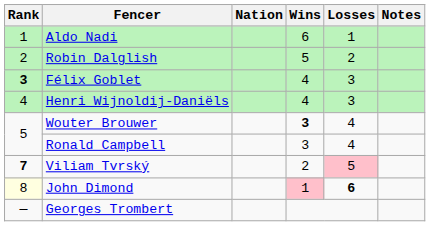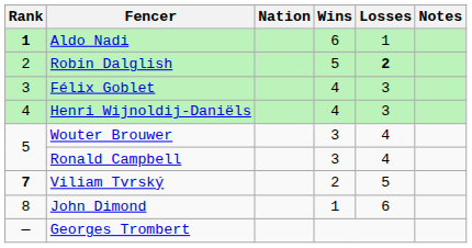 <table class="wikitable sortable" style="text-align:center">
 <tr>
 <th>Rank</th>
 <th>Fencer</th>
 <th>Nation</th>
 <th>Wins</th>
 <th>Losses</th>
 <th>Notes</th>
 </tr>
 <tr bgcolor=bbf3bb>
-<td>1</td>
+<td><strong>1</strong></td>
 <td style="text-align: left;"><a href='#'>Aldo Nadi</a></td>
 <td align=left></td>
 <td>6</td>
 <td>1</td>
 <td></td>
 </tr>
 <tr bgcolor=bbf3bb>
 <td>2</td>
 <td style="text-align: left;"><a href='#'>Robin Dalglish</a></td>
 <td align=left></td>
 <td>5</td>
-<td>2</td>
+<td><strong>2</strong></td>
 <td></td>
 </tr>
 <tr bgcolor=bbf3bb>
-<td><strong>3</strong></td>
+<td>3</td>
 <td style="text-align: left;"><a href='#'>Félix Goblet</a></td>
 <td align=left></td>
 <td>4</td>
 <td>3</td>
 <td></td>
 </tr>
 <tr bgcolor=bbf3bb>
 <td>4</td>
 <td style="text-align: left;"><a href='#'>Henri Wijnoldij-Daniëls</a></td>
 <td align=left></td>
 <td>4</td>
 <td>3</td>
 <td></td>
 </tr>
 <tr>
 <td rowspan="2">5</td>
 <td style="text-align: left;"><a href='#'>Wouter Brouwer</a></td>
 <td align=left></td>
-<td><strong>3</strong></td>
+<td>3</td>
 <td>4</td>
 <td></td>
 </tr>
 <tr>
 <td style="text-align: left;"><a href='#'>Ronald Campbell</a></td>
 <td align=left></td>
 <td>3</td>
 <td>4</td>
 <td></td>
 </tr>
 <tr>
 <td><strong>7</strong></td>
 <td style="text-align: left;"><a href='#'>Viliam Tvrský</a></td>
 <td align=left></td>
 <td>2</td>
-<td style="background: pink;">5</td>
+<td>5</td>
 <td></td>
 </tr>
 <tr>
-<td style="background: lightyellow;">8</td>
+<td>8</td>
 <td style="text-align: left;"><a href='#'>John Dimond</a></td>
 <td align=left></td>
-<td style="background: pink;">1</td>
-<td><strong>6</strong></td>
+<td>1</td>
+<td>6</td>
 <td></td>
 </tr>
 <tr>
 <td>—</td>
 <td style="text-align: left;"><a href='#'>Georges Trombert</a></td>
 <td align=left></td>
 <td colspan="2"></td>
 <td></td>
 </tr>
 </table>
